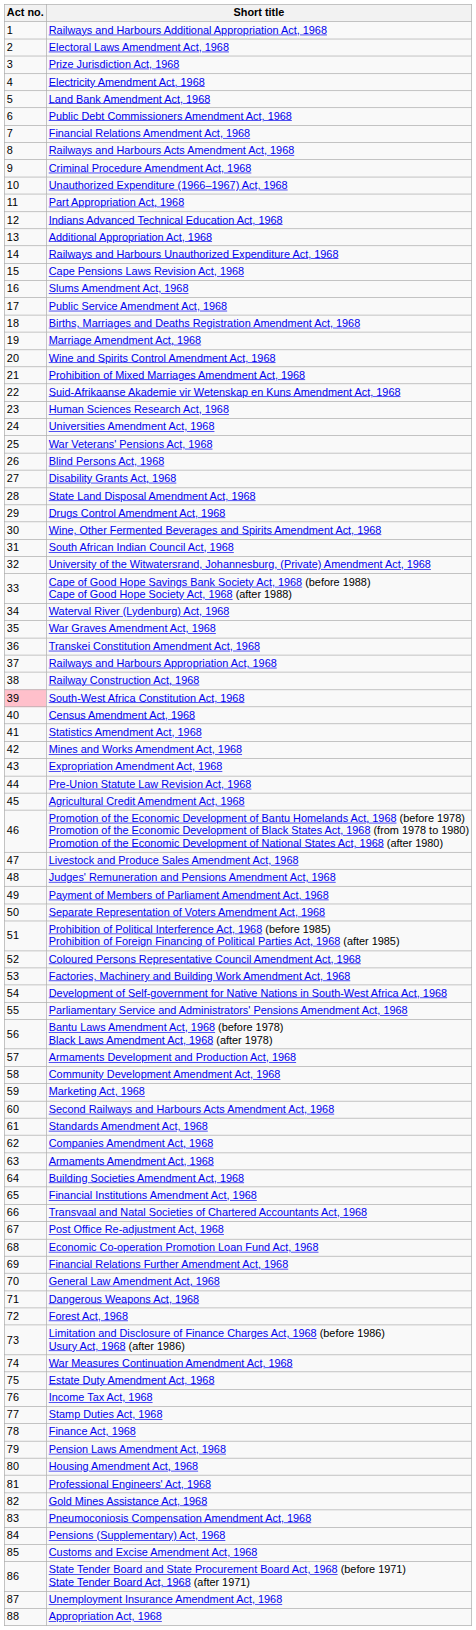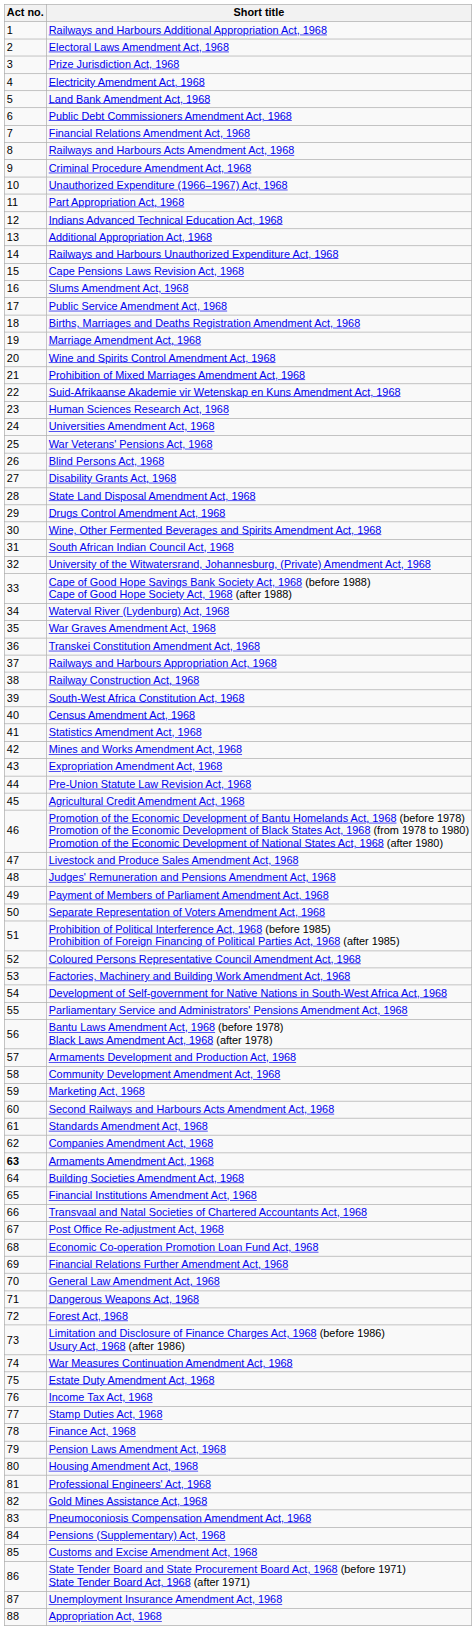 <table class="wikitable sortable">
 <tr>
 <th>Act no.</th>
 <th>Short title</th>
 </tr>
 <tr>
 <td>1</td>
 <td><a href='#'>Railways and Harbours Additional Appropriation Act, 1968</a></td>
 </tr>
 <tr>
 <td>2</td>
 <td><a href='#'>Electoral Laws Amendment Act, 1968</a></td>
 </tr>
 <tr>
 <td>3</td>
 <td><a href='#'>Prize Jurisdiction Act, 1968</a></td>
 </tr>
 <tr>
 <td>4</td>
 <td><a href='#'>Electricity Amendment Act, 1968</a></td>
 </tr>
 <tr>
 <td>5</td>
 <td><a href='#'>Land Bank Amendment Act, 1968</a></td>
 </tr>
 <tr>
 <td>6</td>
 <td><a href='#'>Public Debt Commissioners Amendment Act, 1968</a></td>
 </tr>
 <tr>
 <td>7</td>
 <td><a href='#'>Financial Relations Amendment Act, 1968</a></td>
 </tr>
 <tr>
 <td>8</td>
 <td><a href='#'>Railways and Harbours Acts Amendment Act, 1968</a></td>
 </tr>
 <tr>
 <td>9</td>
 <td><a href='#'>Criminal Procedure Amendment Act, 1968</a></td>
 </tr>
 <tr>
 <td>10</td>
 <td><a href='#'>Unauthorized Expenditure (1966–1967) Act, 1968</a></td>
 </tr>
 <tr>
 <td>11</td>
 <td><a href='#'>Part Appropriation Act, 1968</a></td>
 </tr>
 <tr>
 <td>12</td>
 <td><a href='#'>Indians Advanced Technical Education Act, 1968</a></td>
 </tr>
 <tr>
 <td>13</td>
 <td><a href='#'>Additional Appropriation Act, 1968</a></td>
 </tr>
 <tr>
 <td>14</td>
 <td><a href='#'>Railways and Harbours Unauthorized Expenditure Act, 1968</a></td>
 </tr>
 <tr>
 <td>15</td>
 <td><a href='#'>Cape Pensions Laws Revision Act, 1968</a></td>
 </tr>
 <tr>
 <td>16</td>
 <td><a href='#'>Slums Amendment Act, 1968</a></td>
 </tr>
 <tr>
 <td>17</td>
 <td><a href='#'>Public Service Amendment Act, 1968</a></td>
 </tr>
 <tr>
 <td>18</td>
 <td><a href='#'>Births, Marriages and Deaths Registration Amendment Act, 1968</a></td>
 </tr>
 <tr>
 <td>19</td>
 <td><a href='#'>Marriage Amendment Act, 1968</a></td>
 </tr>
 <tr>
 <td>20</td>
 <td><a href='#'>Wine and Spirits Control Amendment Act, 1968</a></td>
 </tr>
 <tr>
 <td>21</td>
 <td><a href='#'>Prohibition of Mixed Marriages Amendment Act, 1968</a></td>
 </tr>
 <tr>
 <td>22</td>
 <td><a href='#'>Suid-Afrikaanse Akademie vir Wetenskap en Kuns Amendment Act, 1968</a></td>
 </tr>
 <tr>
 <td>23</td>
 <td><a href='#'>Human Sciences Research Act, 1968</a></td>
 </tr>
 <tr>
 <td>24</td>
 <td><a href='#'>Universities Amendment Act, 1968</a></td>
 </tr>
 <tr>
 <td>25</td>
 <td><a href='#'>War Veterans' Pensions Act, 1968</a></td>
 </tr>
 <tr>
 <td>26</td>
 <td><a href='#'>Blind Persons Act, 1968</a></td>
 </tr>
 <tr>
 <td>27</td>
 <td><a href='#'>Disability Grants Act, 1968</a></td>
 </tr>
 <tr>
 <td>28</td>
 <td><a href='#'>State Land Disposal Amendment Act, 1968</a></td>
 </tr>
 <tr>
 <td>29</td>
 <td><a href='#'>Drugs Control Amendment Act, 1968</a></td>
 </tr>
 <tr>
 <td>30</td>
 <td><a href='#'>Wine, Other Fermented Beverages and Spirits Amendment Act, 1968</a></td>
 </tr>
 <tr>
 <td>31</td>
 <td><a href='#'>South African Indian Council Act, 1968</a></td>
 </tr>
 <tr>
 <td>32</td>
 <td><a href='#'>University of the Witwatersrand, Johannesburg, (Private) Amendment Act, 1968</a></td>
 </tr>
 <tr>
 <td>33</td>
 <td><a href='#'>Cape of Good Hope Savings Bank Society Act, 1968</a> (before 1988) <br><a href='#'>Cape of Good Hope Society Act, 1968</a> (after 1988)</td>
 </tr>
 <tr>
 <td>34</td>
 <td><a href='#'>Waterval River (Lydenburg) Act, 1968</a></td>
 </tr>
 <tr>
 <td>35</td>
 <td><a href='#'>War Graves Amendment Act, 1968</a></td>
 </tr>
 <tr>
 <td>36</td>
 <td><a href='#'>Transkei Constitution Amendment Act, 1968</a></td>
 </tr>
 <tr>
 <td>37</td>
 <td><a href='#'>Railways and Harbours Appropriation Act, 1968</a></td>
 </tr>
 <tr>
 <td>38</td>
 <td><a href='#'>Railway Construction Act, 1968</a></td>
 </tr>
 <tr>
-<td style="background: pink;">39</td>
+<td>39</td>
 <td><a href='#'>South-West Africa Constitution Act, 1968</a></td>
 </tr>
 <tr>
 <td>40</td>
 <td><a href='#'>Census Amendment Act, 1968</a></td>
 </tr>
 <tr>
 <td>41</td>
 <td><a href='#'>Statistics Amendment Act, 1968</a></td>
 </tr>
 <tr>
 <td>42</td>
 <td><a href='#'>Mines and Works Amendment Act, 1968</a></td>
 </tr>
 <tr>
 <td>43</td>
 <td><a href='#'>Expropriation Amendment Act, 1968</a></td>
 </tr>
 <tr>
 <td>44</td>
 <td><a href='#'>Pre-Union Statute Law Revision Act, 1968</a></td>
 </tr>
 <tr>
 <td>45</td>
 <td><a href='#'>Agricultural Credit Amendment Act, 1968</a></td>
 </tr>
 <tr>
 <td>46</td>
 <td><a href='#'>Promotion of the Economic Development of Bantu Homelands Act, 1968</a> (before 1978) <br><a href='#'>Promotion of the Economic Development of Black States Act, 1968</a> (from 1978 to 1980) <br><a href='#'>Promotion of the Economic Development of National States Act, 1968</a> (after 1980)</td>
 </tr>
 <tr>
 <td>47</td>
 <td><a href='#'>Livestock and Produce Sales Amendment Act, 1968</a></td>
 </tr>
 <tr>
 <td>48</td>
 <td><a href='#'>Judges' Remuneration and Pensions Amendment Act, 1968</a></td>
 </tr>
 <tr>
 <td>49</td>
 <td><a href='#'>Payment of Members of Parliament Amendment Act, 1968</a></td>
 </tr>
 <tr>
 <td>50</td>
 <td><a href='#'>Separate Representation of Voters Amendment Act, 1968</a></td>
 </tr>
 <tr>
 <td>51</td>
 <td><a href='#'>Prohibition of Political Interference Act, 1968</a> (before 1985) <br><a href='#'>Prohibition of Foreign Financing of Political Parties Act, 1968</a> (after 1985)</td>
 </tr>
 <tr>
 <td>52</td>
 <td><a href='#'>Coloured Persons Representative Council Amendment Act, 1968</a></td>
 </tr>
 <tr>
 <td>53</td>
 <td><a href='#'>Factories, Machinery and Building Work Amendment Act, 1968</a></td>
 </tr>
 <tr>
 <td>54</td>
 <td><a href='#'>Development of Self-government for Native Nations in South-West Africa Act, 1968</a></td>
 </tr>
 <tr>
 <td>55</td>
 <td><a href='#'>Parliamentary Service and Administrators' Pensions Amendment Act, 1968</a></td>
 </tr>
 <tr>
 <td>56</td>
 <td><a href='#'>Bantu Laws Amendment Act, 1968</a> (before 1978) <br><a href='#'>Black Laws Amendment Act, 1968</a> (after 1978)</td>
 </tr>
 <tr>
 <td>57</td>
 <td><a href='#'>Armaments Development and Production Act, 1968</a></td>
 </tr>
 <tr>
 <td>58</td>
 <td><a href='#'>Community Development Amendment Act, 1968</a></td>
 </tr>
 <tr>
 <td>59</td>
 <td><a href='#'>Marketing Act, 1968</a></td>
 </tr>
 <tr>
 <td>60</td>
 <td><a href='#'>Second Railways and Harbours Acts Amendment Act, 1968</a></td>
 </tr>
 <tr>
 <td>61</td>
 <td><a href='#'>Standards Amendment Act, 1968</a></td>
 </tr>
 <tr>
 <td>62</td>
 <td><a href='#'>Companies Amendment Act, 1968</a></td>
 </tr>
 <tr>
-<td>63</td>
+<td><strong>63</strong></td>
 <td><a href='#'>Armaments Amendment Act, 1968</a></td>
 </tr>
 <tr>
 <td>64</td>
 <td><a href='#'>Building Societies Amendment Act, 1968</a></td>
 </tr>
 <tr>
 <td>65</td>
 <td><a href='#'>Financial Institutions Amendment Act, 1968</a></td>
 </tr>
 <tr>
 <td>66</td>
 <td><a href='#'>Transvaal and Natal Societies of Chartered Accountants Act, 1968</a></td>
 </tr>
 <tr>
 <td>67</td>
 <td><a href='#'>Post Office Re-adjustment Act, 1968</a></td>
 </tr>
 <tr>
 <td>68</td>
 <td><a href='#'>Economic Co-operation Promotion Loan Fund Act, 1968</a></td>
 </tr>
 <tr>
 <td>69</td>
 <td><a href='#'>Financial Relations Further Amendment Act, 1968</a></td>
 </tr>
 <tr>
 <td>70</td>
 <td><a href='#'>General Law Amendment Act, 1968</a></td>
 </tr>
 <tr>
 <td>71</td>
 <td><a href='#'>Dangerous Weapons Act, 1968</a></td>
 </tr>
 <tr>
 <td>72</td>
 <td><a href='#'>Forest Act, 1968</a></td>
 </tr>
 <tr>
 <td>73</td>
 <td><a href='#'>Limitation and Disclosure of Finance Charges Act, 1968</a> (before 1986) <br><a href='#'>Usury Act, 1968</a> (after 1986)</td>
 </tr>
 <tr>
 <td>74</td>
 <td><a href='#'>War Measures Continuation Amendment Act, 1968</a></td>
 </tr>
 <tr>
 <td>75</td>
 <td><a href='#'>Estate Duty Amendment Act, 1968</a></td>
 </tr>
 <tr>
 <td>76</td>
 <td><a href='#'>Income Tax Act, 1968</a></td>
 </tr>
 <tr>
 <td>77</td>
 <td><a href='#'>Stamp Duties Act, 1968</a></td>
 </tr>
 <tr>
 <td>78</td>
 <td><a href='#'>Finance Act, 1968</a></td>
 </tr>
 <tr>
 <td>79</td>
 <td><a href='#'>Pension Laws Amendment Act, 1968</a></td>
 </tr>
 <tr>
 <td>80</td>
 <td><a href='#'>Housing Amendment Act, 1968</a></td>
 </tr>
 <tr>
 <td>81</td>
 <td><a href='#'>Professional Engineers' Act, 1968</a></td>
 </tr>
 <tr>
 <td>82</td>
 <td><a href='#'>Gold Mines Assistance Act, 1968</a></td>
 </tr>
 <tr>
 <td>83</td>
 <td><a href='#'>Pneumoconiosis Compensation Amendment Act, 1968</a></td>
 </tr>
 <tr>
 <td>84</td>
 <td><a href='#'>Pensions (Supplementary) Act, 1968</a></td>
 </tr>
 <tr>
 <td>85</td>
 <td><a href='#'>Customs and Excise Amendment Act, 1968</a></td>
 </tr>
 <tr>
 <td>86</td>
 <td><a href='#'>State Tender Board and State Procurement Board Act, 1968</a> (before 1971) <br><a href='#'>State Tender Board Act, 1968</a> (after 1971)</td>
 </tr>
 <tr>
 <td>87</td>
 <td><a href='#'>Unemployment Insurance Amendment Act, 1968</a></td>
 </tr>
 <tr>
 <td>88</td>
 <td><a href='#'>Appropriation Act, 1968</a></td>
 </tr>
 </table>
